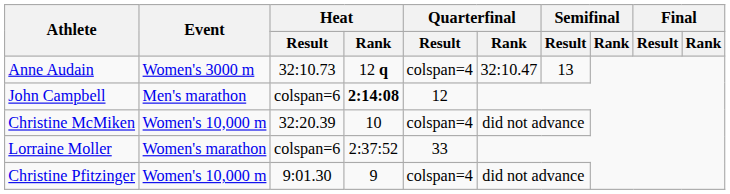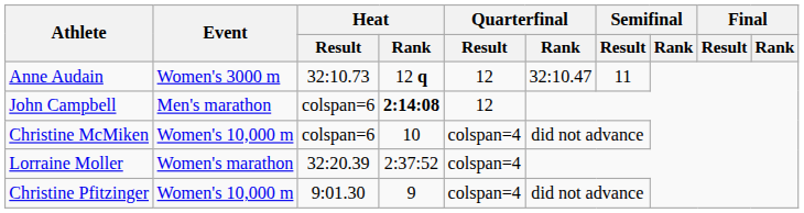 <table class=wikitable style=font-size:90%>
 <tr>
 <th rowspan=2>Athlete</th>
 <th rowspan=2>Event</th>
 <th colspan=2>Heat</th>
 <th colspan=2>Quarterfinal</th>
 <th colspan=2>Semifinal</th>
 <th colspan=2>Final</th>
 </tr>
 <tr style=font-size:95%>
 <th>Result</th>
 <th>Rank</th>
 <th>Result</th>
 <th>Rank</th>
 <th>Result</th>
 <th>Rank</th>
 <th>Result</th>
 <th>Rank</th>
 </tr>
 <tr align=center>
 <td align=left><a href='#'>Anne Audain</a></td>
 <td align=left><a href='#'>Women's 3000 m</a></td>
 <td>32:10.73</td>
 <td>12 <strong>q</strong></td>
-<td>colspan=4 </td>
+<td>12</td>
 <td>32:10.47</td>
-<td>13</td>
+<td>11</td>
 </tr>
 <tr align=center>
 <td align=left><a href='#'>John Campbell</a></td>
 <td align=left><a href='#'>Men's marathon</a></td>
 <td>colspan=6 </td>
 <td><strong>2:14:08</strong></td>
 <td>12</td>
 </tr>
 <tr align=center>
 <td align=left><a href='#'>Christine McMiken</a></td>
 <td align=left><a href='#'>Women's 10,000 m</a></td>
-<td>32:20.39</td>
+<td>colspan=6 </td>
 <td>10</td>
 <td>colspan=4 </td>
 <td colspan=2>did not advance</td>
 </tr>
 <tr align=center>
 <td align=left><a href='#'>Lorraine Moller</a></td>
 <td align=left><a href='#'>Women's marathon</a></td>
-<td>colspan=6 </td>
+<td>32:20.39</td>
 <td>2:37:52</td>
-<td>33</td>
+<td>colspan=4 </td>
 </tr>
 <tr align=center>
 <td align=left><a href='#'>Christine Pfitzinger</a></td>
 <td align=left><a href='#'>Women's 10,000 m</a></td>
 <td>9:01.30</td>
 <td>9</td>
 <td>colspan=4 </td>
 <td colspan=2>did not advance</td>
 </tr>
 </table>
